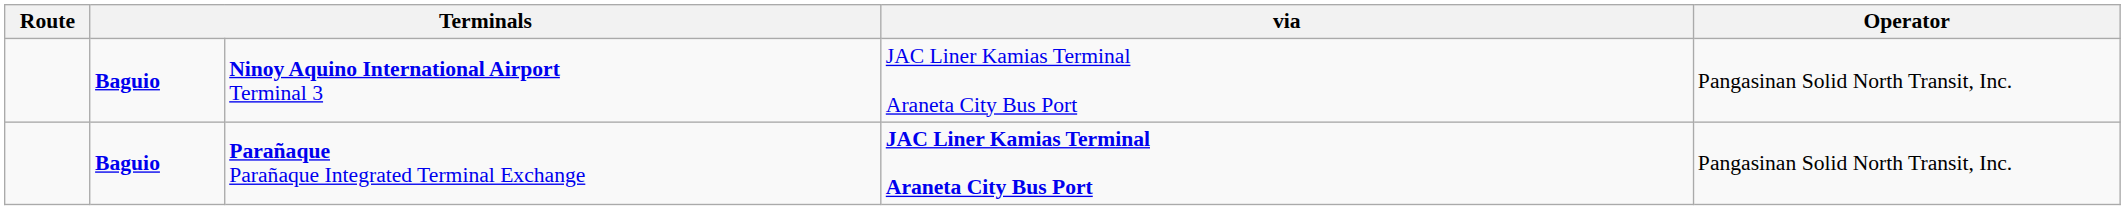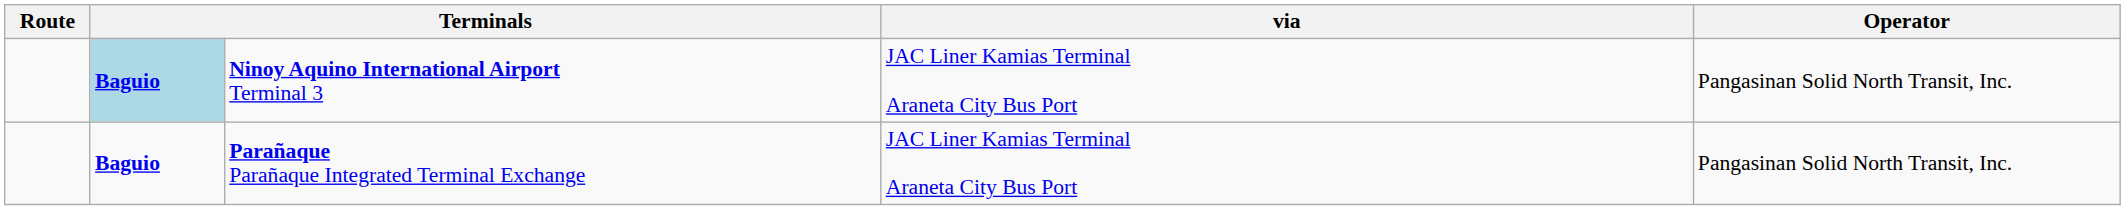 <table class="wikitable" style="width:99%;">
 <tr>
 <th style="width:4%;">Route</th>
 <th style="width:37%;" colspan="2">Terminals</th>
 <th style="width:38%;">via</th>
 <th style="width:20%;">Operator</th>
 </tr>
 <tr>
 <td></td>
-<td><strong><a href='#'>Baguio</a></strong></td>
+<td style="background: lightblue;"><strong><a href='#'>Baguio</a></strong></td>
 <td><strong><a href='#'>Ninoy Aquino International Airport</a></strong><br><a href='#'>Terminal 3</a></td>
 <td><a href='#'>JAC Liner Kamias Terminal</a><br><br><a href='#'>Araneta City Bus Port</a><br></td>
 <td>Pangasinan Solid North Transit, Inc.</td>
 </tr>
 <tr>
 <td></td>
 <td><strong><a href='#'>Baguio</a></strong></td>
 <td><strong><a href='#'>Parañaque</a></strong><br><a href='#'>Parañaque Integrated Terminal Exchange</a></td>
-<td><strong><a href='#'>JAC Liner Kamias Terminal</a><br><br><a href='#'>Araneta City Bus Port</a><br></strong></td>
+<td><a href='#'>JAC Liner Kamias Terminal</a><br><br><a href='#'>Araneta City Bus Port</a><br></td>
 <td>Pangasinan Solid North Transit, Inc.</td>
 </tr>
 </table>
